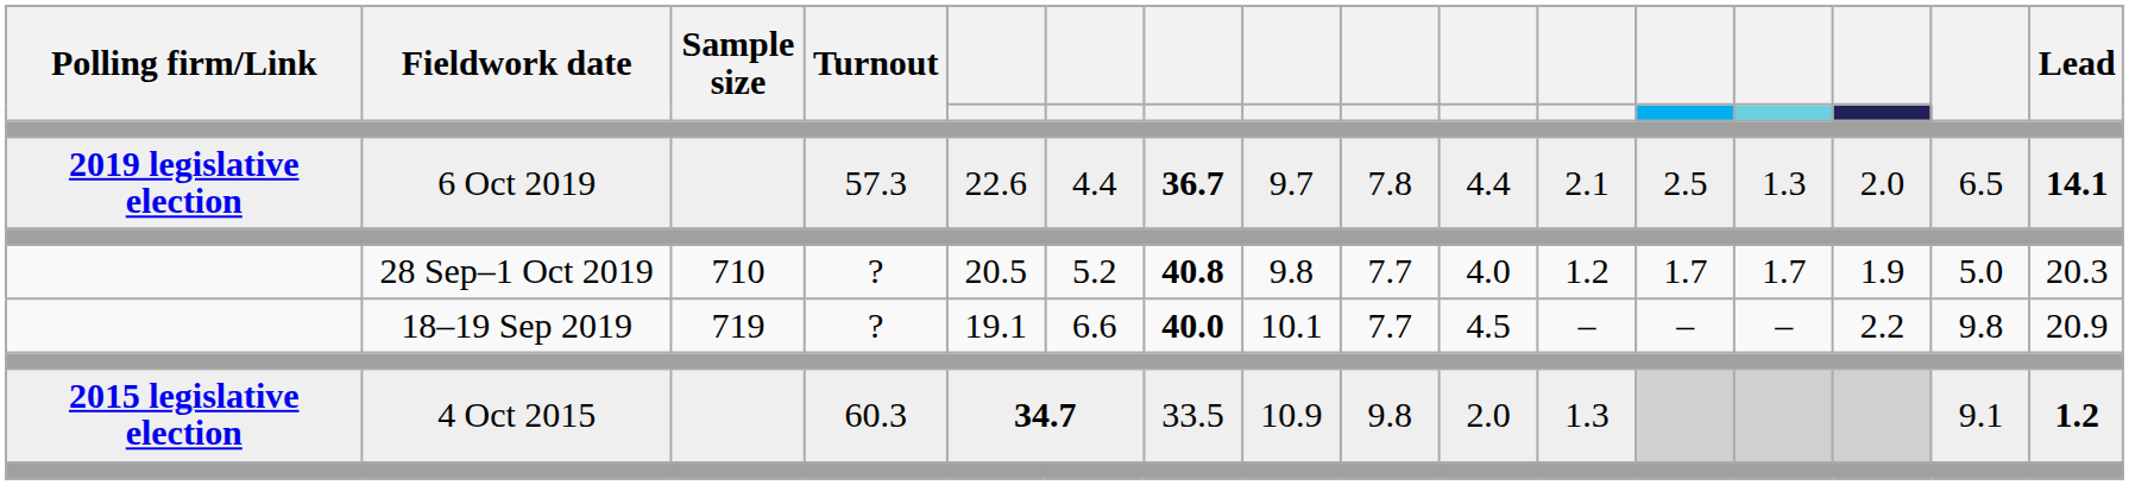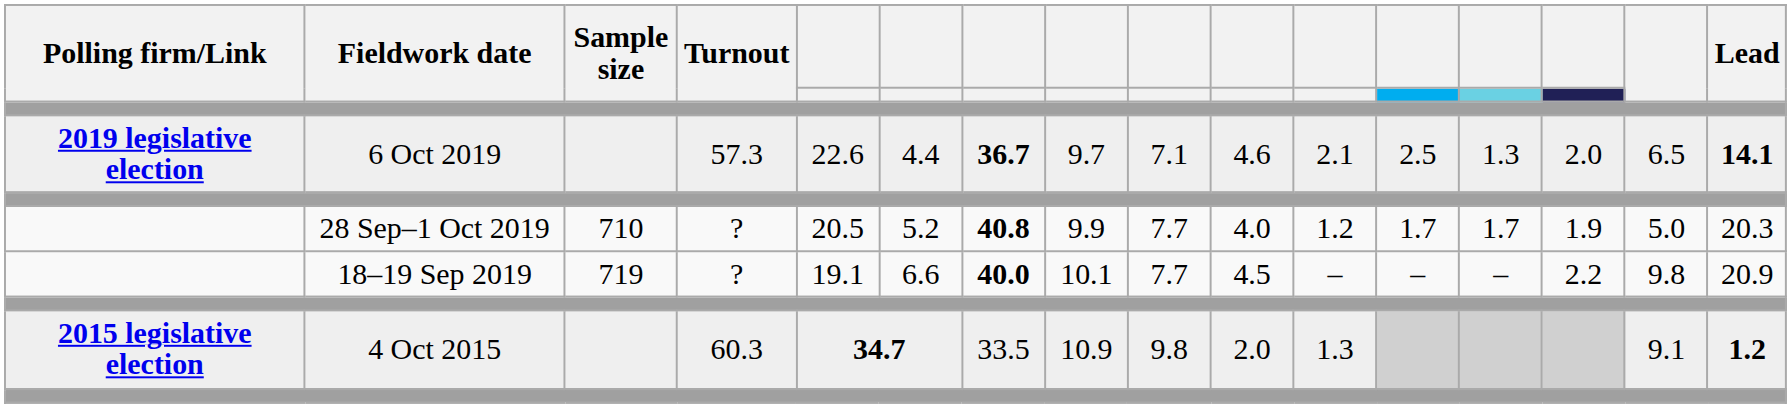 <table class="wikitable collapsible" style="text-align:center; font-size:95%; line-height:16px;">
 <tr style="height:42px;">
 <th style="width:145px;" rowspan="2">Polling firm/Link</th>
 <th style="width:125px;" rowspan="2">Fieldwork date</th>
 <th style="width:50px;" rowspan="2">Sample size</th>
 <th style="width:45px;" rowspan="2">Turnout</th>
 <th style="width:35px;"></th>
 <th style="width:35px;"></th>
 <th style="width:35px;"></th>
 <th style="width:35px;"></th>
 <th style="width:35px;"></th>
 <th style="width:35px;"></th>
 <th style="width:35px;"></th>
 <th style="width:35px;"></th>
 <th style="width:35px;"></th>
 <th style="width:35px;"></th>
 <th style="width:35px;" rowspan="2"></th>
 <th style="width:30px;" rowspan="2">Lead</th>
 </tr>
 <tr>
 <th style="color:inherit;background:"></th>
 <th style="color:inherit;background:"></th>
 <th style="color:inherit;background:"></th>
 <th style="color:inherit;background:"></th>
 <th style="color:inherit;background:"></th>
 <th style="color:inherit;background:"></th>
 <th style="color:inherit;background:"></th>
 <th class="unsortable" style="color:inherit;background:#00ADEF;"></th>
 <th class="unsortable" style="color:inherit;background:#6AD1E3;"></th>
 <th class="unsortable" style="color:inherit;background:#202056;"></th>
 </tr>
 <tr>
 <td colspan="16" style="background:#A0A0A0"></td>
 </tr>
 <tr style="background:#EFEFEF;">
 <td><strong><a href='#'>2019 legislative election</a></strong></td>
 <td data-sort-value="2019-10-06">6 Oct 2019</td>
 <td></td>
 <td>57.3</td>
 <td>22.6<br></td>
 <td>4.4<br></td>
 <td><strong>36.7</strong><br></td>
 <td>9.7<br></td>
-<td>7.8<br></td>
-<td>4.4<br></td>
+<td>7.1<br></td>
+<td>4.6<br></td>
 <td>2.1<br></td>
 <td>2.5<br></td>
 <td>1.3<br></td>
 <td>2.0<br></td>
 <td>6.5<br></td>
 <td style="background:"><strong>14.1</strong></td>
 </tr>
 <tr>
 <td colspan="16" style="background:#A0A0A0"></td>
 </tr>
 <tr>
 <td></td>
 <td>28 Sep–1 Oct 2019</td>
 <td>710</td>
 <td>?</td>
 <td>20.5<br></td>
 <td>5.2<br></td>
 <td><strong>40.8</strong><br></td>
-<td>9.8<br></td>
+<td>9.9<br></td>
 <td>7.7<br></td>
 <td>4.0<br></td>
 <td>1.2<br></td>
 <td>1.7<br></td>
 <td>1.7<br></td>
 <td>1.9<br></td>
 <td>5.0<br></td>
 <td style="background:">20.3</td>
 </tr>
 <tr>
 <td></td>
 <td>18–19 Sep 2019</td>
 <td>719</td>
 <td>?</td>
 <td>19.1<br></td>
 <td>6.6<br></td>
 <td><strong>40.0</strong><br></td>
 <td>10.1<br></td>
 <td>7.7<br></td>
 <td>4.5<br></td>
 <td>–</td>
 <td>–</td>
 <td>–</td>
 <td>2.2<br></td>
 <td>9.8<br></td>
 <td style="background:">20.9</td>
 </tr>
 <tr>
 <td colspan="16" style="background:#A0A0A0"></td>
 </tr>
 <tr style="background:#EFEFEF;">
 <td><strong><a href='#'>2015 legislative election</a></strong></td>
 <td>4 Oct 2015</td>
 <td></td>
 <td>60.3</td>
 <td colspan="2" ><strong>34.7</strong><br></td>
 <td>33.5<br></td>
 <td>10.9<br></td>
 <td>9.8<br></td>
 <td>2.0<br></td>
 <td>1.3<br></td>
 <th style="background:#D0D0D0; width:1px;"></th>
 <th style="background:#D0D0D0; width:1px;"></th>
 <th style="background:#D0D0D0; width:1px;"></th>
 <td>9.1<br></td>
 <td style="background:"><strong>1.2</strong></td>
 </tr>
 <tr>
 <td colspan="16" style="background:#A0A0A0"></td>
 </tr>
 </table>
